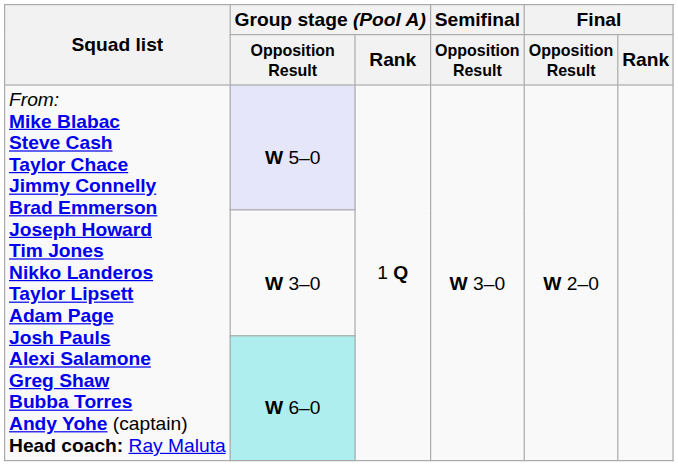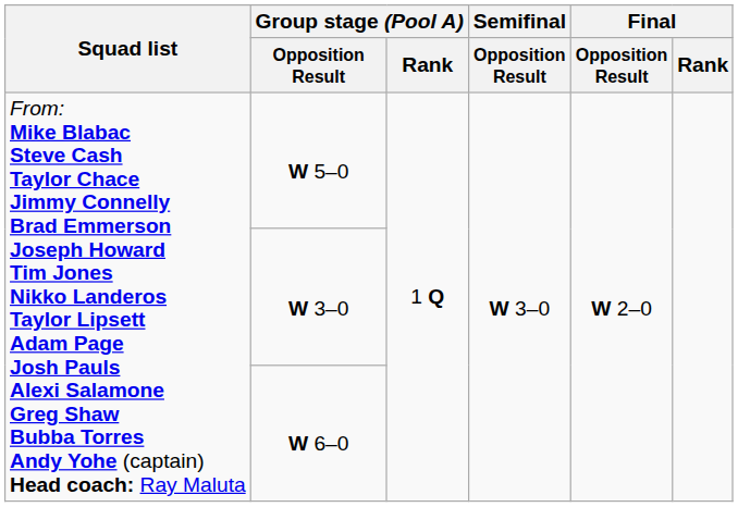 <table class=wikitable style="font-size:100%">
 <tr>
 <th rowspan="2">Squad list</th>
 <th colspan="2">Group stage <em>(Pool A)</em></th>
 <th>Semifinal</th>
 <th colspan="2">Final</th>
 </tr>
 <tr>
 <th style="line-height:1em"><small>Opposition<br>Result</small></th>
 <th>Rank</th>
 <th style="line-height:1em"><small>Opposition<br>Result</small></th>
 <th style="line-height:1em"><small>Opposition<br>Result</small></th>
 <th>Rank</th>
 </tr>
 <tr>
 <td rowspan="3"><em>From:</em><br><strong><a href='#'>Mike Blabac</a></strong> <br><strong><a href='#'>Steve Cash</a></strong> <br><strong><a href='#'>Taylor Chace</a></strong> <br><strong><a href='#'>Jimmy Connelly</a></strong> <br><strong><a href='#'>Brad Emmerson</a></strong> <br><strong><a href='#'>Joseph Howard</a></strong> <br><strong><a href='#'>Tim Jones</a></strong> <br><strong><a href='#'>Nikko Landeros</a></strong> <br><strong><a href='#'>Taylor Lipsett</a></strong> <br><strong><a href='#'>Adam Page</a></strong> <br><strong><a href='#'>Josh Pauls</a></strong> <br><strong><a href='#'>Alexi Salamone</a></strong> <br><strong><a href='#'>Greg Shaw</a></strong> <br><strong><a href='#'>Bubba Torres</a></strong> <br><strong><a href='#'>Andy Yohe</a></strong> (captain) <br><strong>Head coach:</strong> <a href='#'>Ray Maluta</a></td>
-<td align="center" style="background: lavender;"><br><strong>W</strong> 5–0</td>
+<td align="center"><br><strong>W</strong> 5–0</td>
 <td rowspan="3" align="center">1 <strong>Q</strong></td>
 <td rowspan="3" align="center"><br><strong>W</strong> 3–0</td>
 <td rowspan="3" align="center"><br><strong>W</strong> 2–0</td>
 <td rowspan="3" align="center"></td>
 </tr>
 <tr>
 <td align="center"><br><strong>W</strong> 3–0</td>
 </tr>
 <tr>
-<td align="center" style="background: paleturquoise;"><br><strong>W</strong> 6–0</td>
+<td align="center"><br><strong>W</strong> 6–0</td>
 </tr>
 </table>
